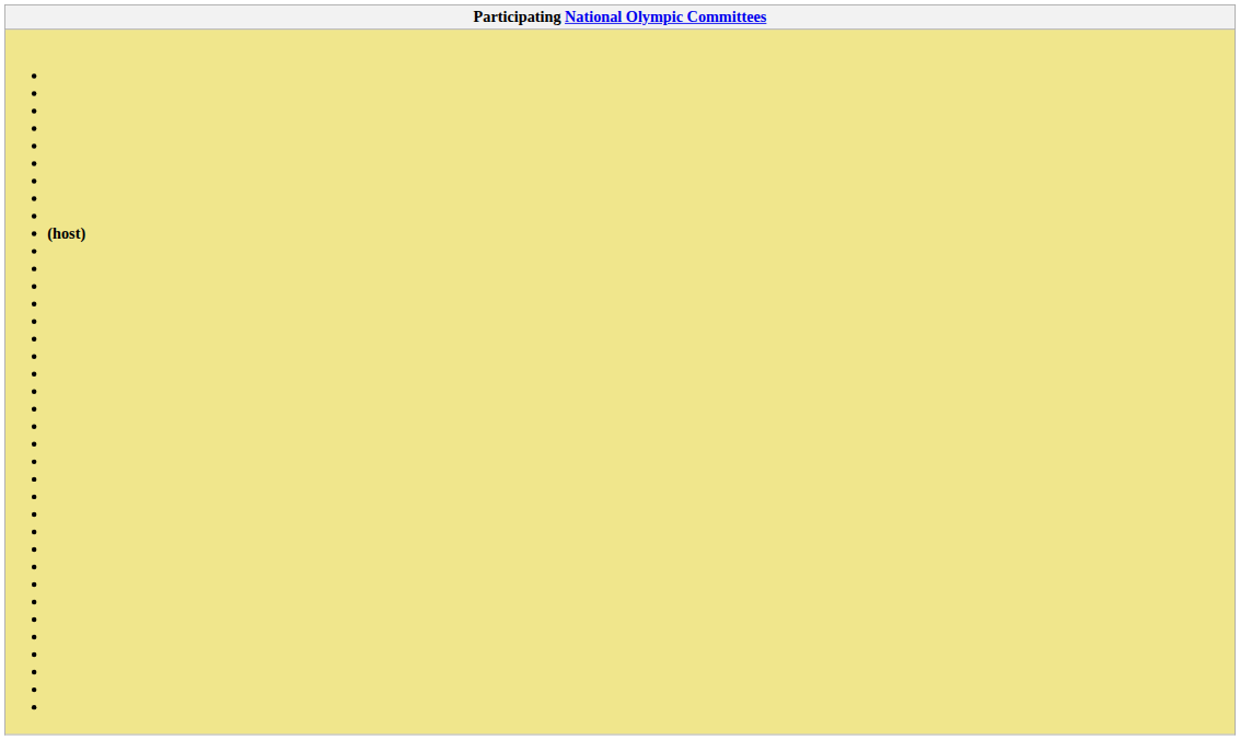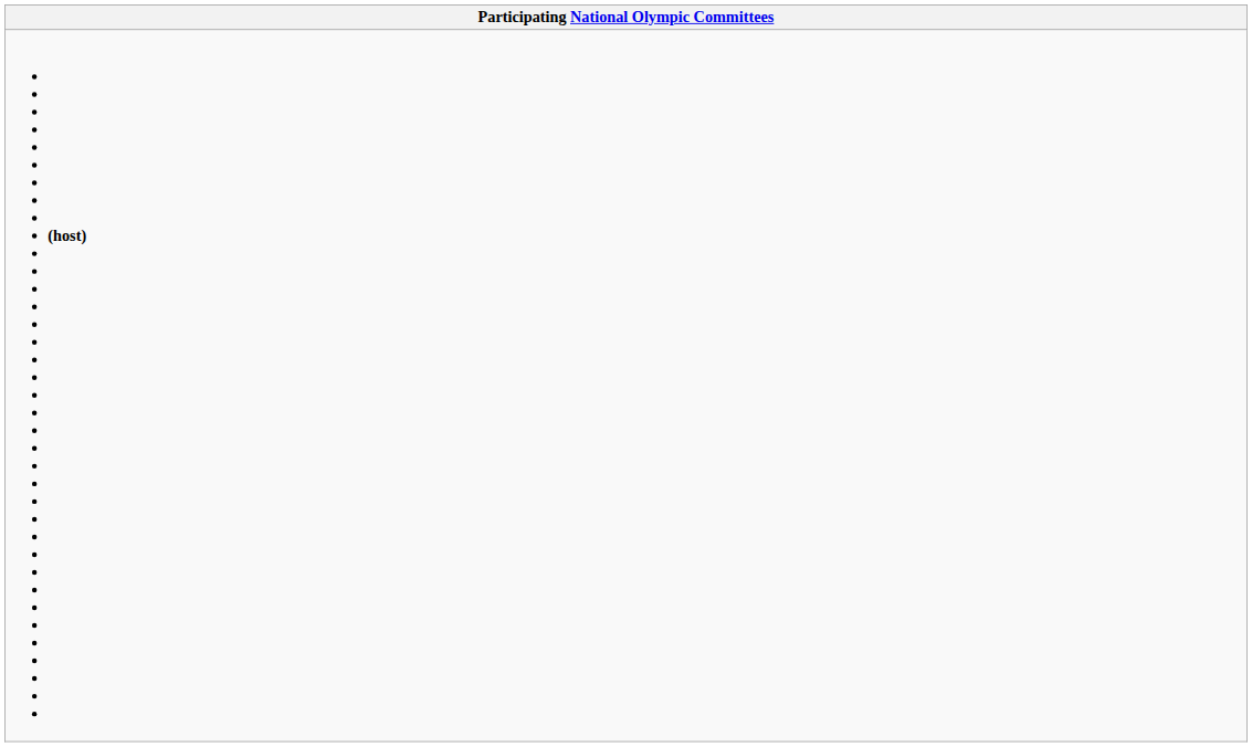 <table class="wikitable collapsible" style="width:100%;">
 <tr>
 <th>Participating <a href='#'>National Olympic Committees</a></th>
 </tr>
 <tr>
-<td style="background: khaki;"><br><ul><li></li><li></li><li></li><li></li><li></li><li></li><li></li><li></li><li></li><li> <strong>(host)</strong></li><li></li><li></li><li></li><li></li><li></li><li></li><li></li><li></li><li></li><li></li><li></li><li></li><li></li><li></li><li></li><li></li><li></li><li></li><li></li><li></li><li></li><li></li><li></li><li></li><li></li><li></li><li></li></ul></td>
+<td><br><ul><li></li><li></li><li></li><li></li><li></li><li></li><li></li><li></li><li></li><li> <strong>(host)</strong></li><li></li><li></li><li></li><li></li><li></li><li></li><li></li><li></li><li></li><li></li><li></li><li></li><li></li><li></li><li></li><li></li><li></li><li></li><li></li><li></li><li></li><li></li><li></li><li></li><li></li><li></li><li></li></ul></td>
 </tr>
 </table>
